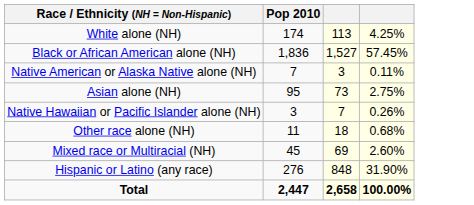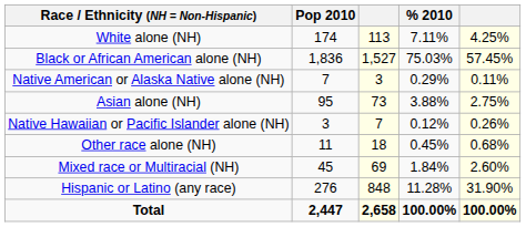 <table class="wikitable" style="text-align:center;">
 <tr>
 <th>Race / Ethnicity <small>(<em>NH = Non-Hispanic</em>)</small></th>
 <th>Pop 2010</th>
 <th></th>
+<th>% 2010</th>
 <th></th>
 </tr>
 <tr>
 <td><a href='#'>White</a> alone (NH)</td>
 <td>174</td>
 <td style='background: #ffffe6;'>113</td>
+<td>7.11%</td>
 <td style='background: #ffffe6;'>4.25%</td>
 </tr>
 <tr>
 <td><a href='#'>Black or African American</a> alone (NH)</td>
 <td>1,836</td>
 <td style='background: #ffffe6;'>1,527</td>
+<td>75.03%</td>
 <td style='background: #ffffe6;'>57.45%</td>
 </tr>
 <tr>
 <td><a href='#'>Native American</a> or <a href='#'>Alaska Native</a> alone (NH)</td>
 <td>7</td>
 <td style='background: #ffffe6;'>3</td>
+<td>0.29%</td>
 <td style='background: #ffffe6;'>0.11%</td>
 </tr>
 <tr>
 <td><a href='#'>Asian</a> alone (NH)</td>
 <td>95</td>
 <td style='background: #ffffe6;'>73</td>
+<td>3.88%</td>
 <td style='background: #ffffe6;'>2.75%</td>
 </tr>
 <tr>
 <td><a href='#'>Native Hawaiian</a> or <a href='#'>Pacific Islander</a> alone (NH)</td>
 <td>3</td>
 <td style='background: #ffffe6;'>7</td>
+<td>0.12%</td>
 <td style='background: #ffffe6;'>0.26%</td>
 </tr>
 <tr>
 <td><a href='#'>Other race</a> alone (NH)</td>
 <td>11</td>
 <td style='background: #ffffe6;'>18</td>
+<td>0.45%</td>
 <td style='background: #ffffe6;'>0.68%</td>
 </tr>
 <tr>
 <td><a href='#'>Mixed race or Multiracial</a> (NH)</td>
 <td>45</td>
 <td style='background: #ffffe6;'>69</td>
+<td>1.84%</td>
 <td style='background: #ffffe6;'>2.60%</td>
 </tr>
 <tr>
 <td><a href='#'>Hispanic or Latino</a> (any race)</td>
 <td>276</td>
 <td style='background: #ffffe6;'>848</td>
+<td>11.28%</td>
 <td style='background: #ffffe6;'>31.90%</td>
 </tr>
 <tr>
 <td><strong>Total</strong></td>
 <td><strong>2,447</strong></td>
 <td style='background: #ffffe6;'><strong>2,658</strong></td>
+<td><strong>100.00%</strong></td>
 <td style='background: #ffffe6;'><strong>100.00%</strong></td>
 </tr>
 </table>
